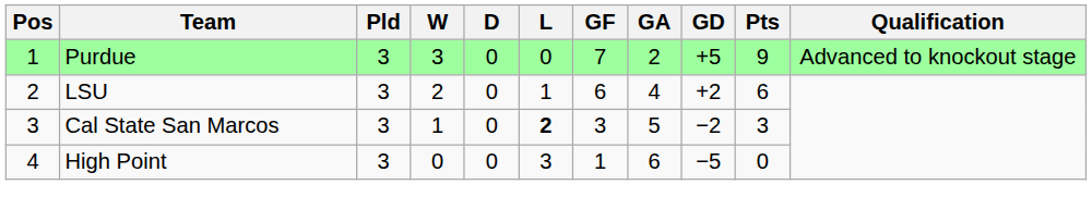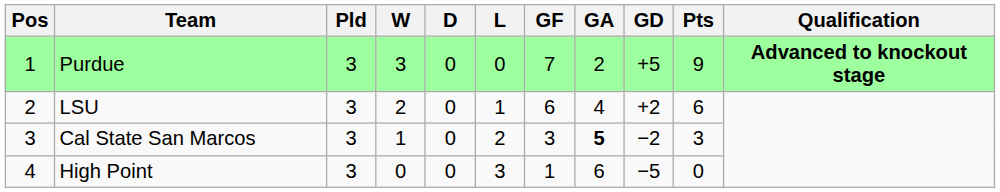 <table class="wikitable" style="text-align:center; margin: 1em auto">
 <tr>
 <th style="width:2em">Pos</th>
 <th style="width:13em">Team</th>
 <th style="width:2em">Pld</th>
 <th style="width:2em">W</th>
 <th style="width:2em">D</th>
 <th style="width:2em">L</th>
 <th style="width:2em">GF</th>
 <th style="width:2em">GA</th>
 <th style="width:2em">GD</th>
 <th style="width:2em">Pts</th>
 <th style="width:13em">Qualification</th>
 </tr>
 <tr bgcolor="#9eff9e">
 <td>1</td>
 <td style="text-align:left">Purdue</td>
 <td>3</td>
 <td>3</td>
 <td>0</td>
 <td>0</td>
 <td>7</td>
 <td>2</td>
 <td>+5</td>
 <td>9</td>
-<td>Advanced to knockout stage</td>
+<td><strong>Advanced to knockout stage</strong></td>
 </tr>
 <tr>
 <td>2</td>
 <td style="text-align:left">LSU</td>
 <td>3</td>
 <td>2</td>
 <td>0</td>
 <td>1</td>
 <td>6</td>
 <td>4</td>
 <td>+2</td>
 <td>6</td>
 <td rowspan="3"></td>
 </tr>
 <tr>
 <td>3</td>
 <td style="text-align:left">Cal State San Marcos</td>
 <td>3</td>
 <td>1</td>
 <td>0</td>
-<td><strong>2</strong></td>
+<td>2</td>
 <td>3</td>
-<td>5</td>
+<td><strong>5</strong></td>
 <td>−2</td>
 <td>3</td>
 </tr>
 <tr>
 <td>4</td>
 <td style="text-align:left">High Point</td>
 <td>3</td>
 <td>0</td>
 <td>0</td>
 <td>3</td>
 <td>1</td>
 <td>6</td>
 <td>−5</td>
 <td>0</td>
 </tr>
 </table>
